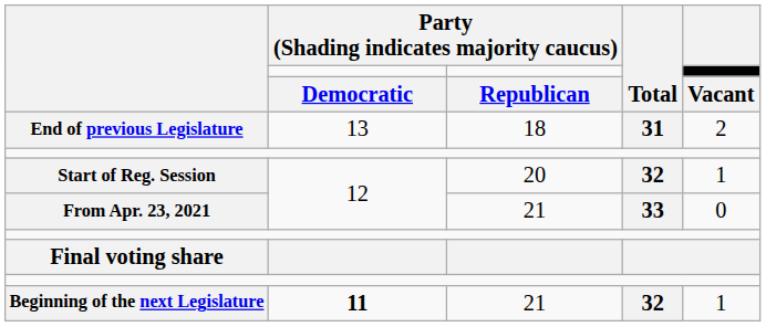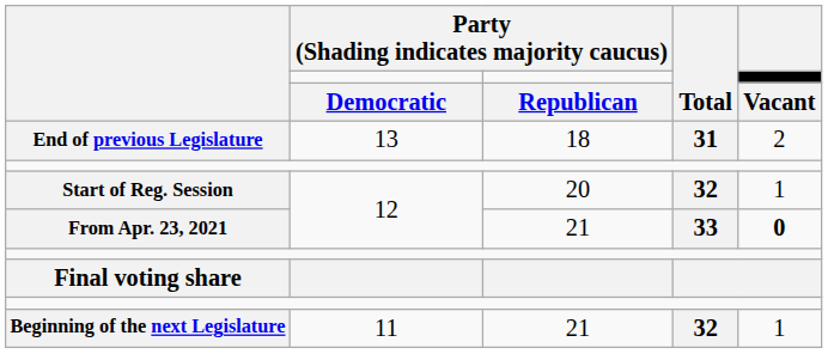 <table class=wikitable style="text-align:center">
 <tr style="vertical-align:bottom;">
 <th rowspan=3></th>
 <th colspan=2>Party <div>(Shading indicates majority caucus)</div></th>
 <th rowspan=3>Total</th>
 <th></th>
 </tr>
 <tr style="height:5px">
 <td style="background-color:"></td>
 <td style="background-color:"></td>
 <td style="background-color:black"></td>
 </tr>
 <tr>
 <th><a href='#'>Democratic</a></th>
 <th><a href='#'>Republican</a></th>
 <th>Vacant</th>
 </tr>
 <tr>
 <th nowrap style="font-size:80%">End of <a href='#'>previous Legislature</a></th>
 <td>13</td>
 <td>18</td>
 <th>31</th>
 <td>2</td>
 </tr>
 <tr>
 <td colspan=5></td>
 </tr>
 <tr>
 <th nowrap style="font-size:80%">Start of Reg. Session </th>
 <td rowspan="2">12</td>
 <td>20</td>
 <th>32</th>
 <td>1</td>
 </tr>
 <tr>
 <th nowrap style="font-size:80%">From Apr. 23, 2021</th>
 <td>21</td>
 <th>33</th>
-<td>0</td>
+<td><strong>0</strong></td>
 </tr>
 <tr>
 <td colspan=5></td>
 </tr>
 <tr>
 <th>Final voting share</th>
 <th></th>
 <th></th>
 <th colspan=2></th>
 </tr>
 <tr>
 <td colspan=5></td>
 </tr>
 <tr>
 <th style="white-space:nowrap; font-size:80%;">Beginning of the <a href='#'>next Legislature</a></th>
-<td><strong>11</strong></td>
+<td>11</td>
 <td>21</td>
 <th>32</th>
 <td>1</td>
 </tr>
 </table>
